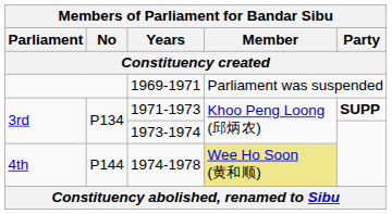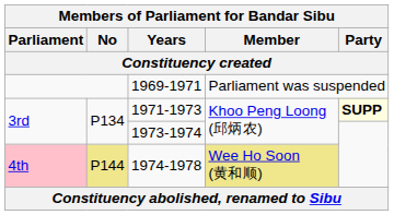 <table class=wikitable>
 <tr>
 <th colspan="5">Members of Parliament for Bandar Sibu</th>
 </tr>
 <tr>
 <th>Parliament</th>
 <th>No</th>
 <th>Years</th>
 <th>Member</th>
 <th>Party</th>
 </tr>
 <tr>
 <th colspan="5" align="center"><em>Constituency created</em></th>
 </tr>
 <tr>
 <td colspan="2"></td>
 <td>1969-1971</td>
 <td colspan=2 align=center>Parliament was suspended</td>
 </tr>
 <tr>
 <td rowspan=2><a href='#'>3rd</a></td>
 <td rowspan="2">P134</td>
 <td>1971-1973</td>
 <td rowspan=2><a href='#'>Khoo Peng Loong</a> <br> (邱炳农)</td>
-<td><strong>SUPP</strong></td>
+<td style="background: lightyellow;"><strong>SUPP</strong></td>
 </tr>
 <tr>
 <td>1973-1974</td>
 <td rowspan=2></td>
 </tr>
 <tr>
-<td><a href='#'>4th</a></td>
-<td>P144</td>
+<td style="background: pink;"><a href='#'>4th</a></td>
+<td style="background: khaki;">P144</td>
 <td>1974-1978</td>
 <td style="background: khaki;"><a href='#'>Wee Ho Soon</a> <br> (黄和顺)</td>
 </tr>
 <tr>
 <th colspan="5" align="center"><em>Constituency abolished, renamed to <a href='#'>Sibu</a></em></th>
 </tr>
 </table>
